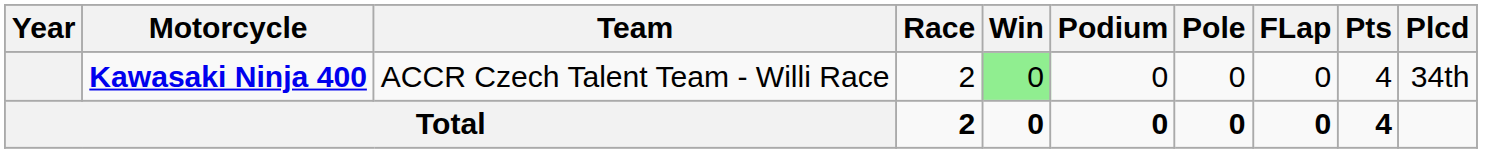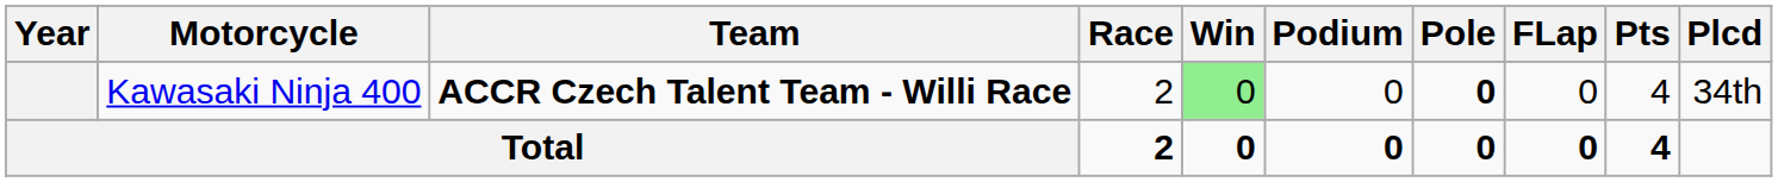 <table class="wikitable" style="text-align:right;">
 <tr>
 <th>Year</th>
 <th>Motorcycle</th>
 <th>Team</th>
 <th>Race</th>
 <th>Win</th>
 <th>Podium</th>
 <th>Pole</th>
 <th>FLap</th>
 <th>Pts</th>
 <th>Plcd</th>
 </tr>
 <tr>
 <th></th>
-<td style="text-align:left;"><strong><a href='#'>Kawasaki Ninja 400</a></strong></td>
-<td style="text-align:left;">ACCR Czech Talent Team - Willi Race</td>
+<td style="text-align:left;"><a href='#'>Kawasaki Ninja 400</a></td>
+<td style="text-align:left;"><strong>ACCR Czech Talent Team - Willi Race</strong></td>
 <td>2</td>
 <td style="background: lightgreen;">0</td>
 <td>0</td>
-<td>0</td>
+<td><strong>0</strong></td>
 <td>0</td>
 <td>4</td>
 <td>34th</td>
 </tr>
 <tr>
 <th colspan="3">Total</th>
 <td><strong>2</strong></td>
 <td><strong>0</strong></td>
 <td><strong>0</strong></td>
 <td><strong>0</strong></td>
 <td><strong>0</strong></td>
 <td><strong>4</strong></td>
 <td></td>
 </tr>
 </table>
